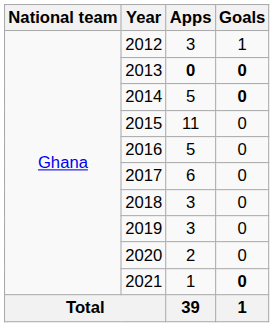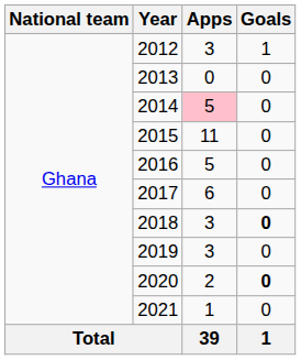 <table class="wikitable" style="text-align:center">
 <tr>
 <th>National team</th>
 <th>Year</th>
 <th>Apps</th>
 <th>Goals</th>
 </tr>
 <tr>
 <td rowspan="10"><a href='#'>Ghana</a></td>
 <td>2012</td>
 <td>3</td>
 <td>1</td>
 </tr>
 <tr>
 <td>2013</td>
-<td><strong>0</strong></td>
-<td><strong>0</strong></td>
+<td>0</td>
+<td>0</td>
 </tr>
 <tr>
 <td>2014</td>
-<td>5</td>
-<td><strong>0</strong></td>
+<td style="background: pink;">5</td>
+<td>0</td>
 </tr>
 <tr>
 <td>2015</td>
 <td>11</td>
 <td>0</td>
 </tr>
 <tr>
 <td>2016</td>
 <td>5</td>
 <td>0</td>
 </tr>
 <tr>
 <td>2017</td>
 <td>6</td>
 <td>0</td>
 </tr>
 <tr>
 <td>2018</td>
 <td>3</td>
-<td>0</td>
+<td><strong>0</strong></td>
 </tr>
 <tr>
 <td>2019</td>
 <td>3</td>
 <td>0</td>
 </tr>
 <tr>
 <td>2020</td>
 <td>2</td>
-<td>0</td>
+<td><strong>0</strong></td>
 </tr>
 <tr>
 <td>2021</td>
 <td>1</td>
-<td><strong>0</strong></td>
+<td>0</td>
 </tr>
 <tr>
 <th colspan="2">Total</th>
 <th>39</th>
 <th>1</th>
 </tr>
 </table>
